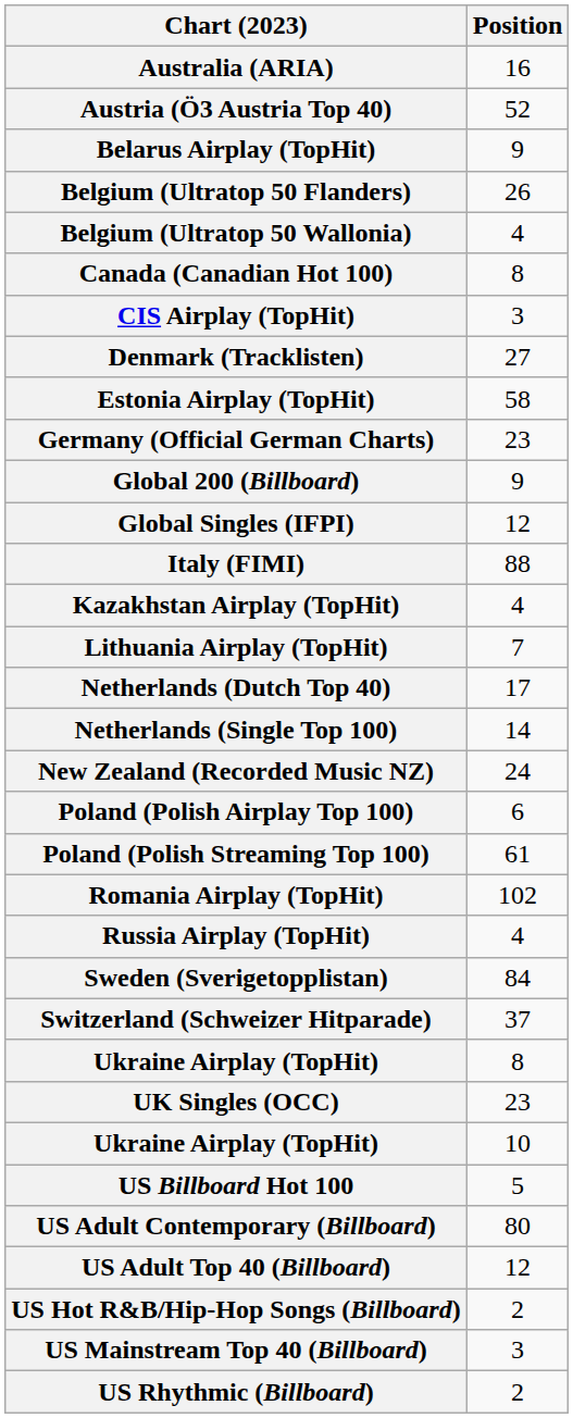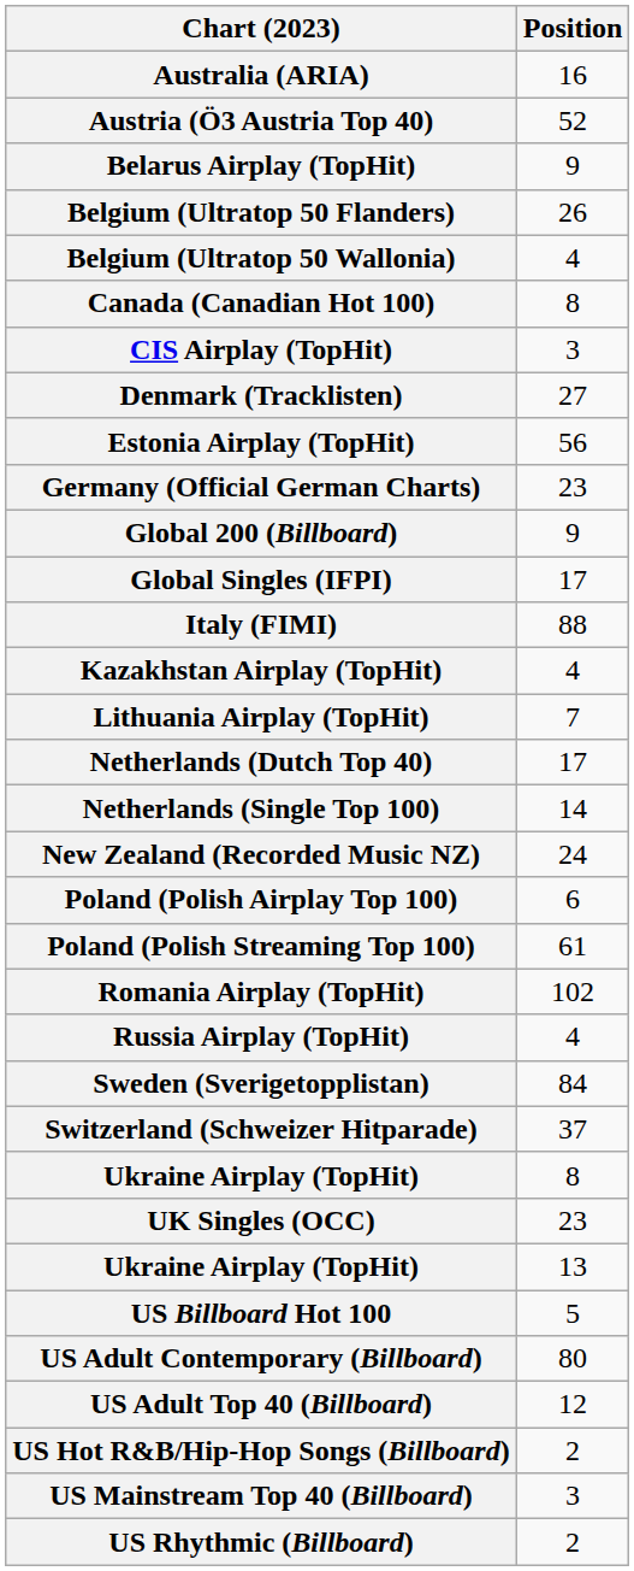 <table class="wikitable sortable plainrowheaders" style="text-align:center">
 <tr>
 <th scope="col">Chart (2023)</th>
 <th scope="col">Position</th>
 </tr>
 <tr>
 <th scope="row">Australia (ARIA)</th>
 <td>16</td>
 </tr>
 <tr>
 <th scope="row">Austria (Ö3 Austria Top 40)</th>
 <td>52</td>
 </tr>
 <tr>
 <th scope="row">Belarus Airplay (TopHit)</th>
 <td>9</td>
 </tr>
 <tr>
 <th scope="row">Belgium (Ultratop 50 Flanders)</th>
 <td>26</td>
 </tr>
 <tr>
 <th scope="row">Belgium (Ultratop 50 Wallonia)</th>
 <td>4</td>
 </tr>
 <tr>
 <th scope="row">Canada (Canadian Hot 100)</th>
 <td>8</td>
 </tr>
 <tr>
 <th scope="row"><a href='#'>CIS</a> Airplay (TopHit)</th>
 <td>3</td>
 </tr>
 <tr>
 <th scope="row">Denmark (Tracklisten)</th>
 <td>27</td>
 </tr>
 <tr>
 <th scope="row">Estonia Airplay (TopHit)</th>
-<td>58</td>
+<td>56</td>
 </tr>
 <tr>
 <th scope="row">Germany (Official German Charts)</th>
 <td>23</td>
 </tr>
 <tr>
 <th scope="row">Global 200 (<em>Billboard</em>)</th>
 <td>9</td>
 </tr>
 <tr>
 <th scope="row">Global Singles (IFPI)</th>
-<td>12</td>
+<td>17</td>
 </tr>
 <tr>
 <th scope="row">Italy (FIMI)</th>
 <td>88</td>
 </tr>
 <tr>
 <th scope="row">Kazakhstan Airplay (TopHit)</th>
 <td>4</td>
 </tr>
 <tr>
 <th scope="row">Lithuania Airplay (TopHit)</th>
 <td>7</td>
 </tr>
 <tr>
 <th scope="row">Netherlands (Dutch Top 40)</th>
 <td>17</td>
 </tr>
 <tr>
 <th scope="row">Netherlands (Single Top 100)</th>
 <td>14</td>
 </tr>
 <tr>
 <th scope="row">New Zealand (Recorded Music NZ)</th>
 <td>24</td>
 </tr>
 <tr>
 <th scope="row">Poland (Polish Airplay Top 100)</th>
 <td>6</td>
 </tr>
 <tr>
 <th scope="row">Poland (Polish Streaming Top 100)</th>
 <td>61</td>
 </tr>
 <tr>
 <th scope="row">Romania Airplay (TopHit)</th>
 <td>102</td>
 </tr>
 <tr>
 <th scope="row">Russia Airplay (TopHit)</th>
 <td>4</td>
 </tr>
 <tr>
 <th scope="row">Sweden (Sverigetopplistan)</th>
 <td>84</td>
 </tr>
 <tr>
 <th scope="row">Switzerland (Schweizer Hitparade)</th>
 <td>37</td>
 </tr>
 <tr>
 <th scope="row">Ukraine Airplay (TopHit)</th>
 <td>8</td>
 </tr>
 <tr>
 <th scope="row">UK Singles (OCC)</th>
 <td>23</td>
 </tr>
 <tr>
 <th scope="row">Ukraine Airplay (TopHit)</th>
-<td>10</td>
+<td>13</td>
 </tr>
 <tr>
 <th scope="row">US <em>Billboard</em> Hot 100</th>
 <td>5</td>
 </tr>
 <tr>
 <th scope="row">US Adult Contemporary (<em>Billboard</em>)</th>
 <td>80</td>
 </tr>
 <tr>
 <th scope="row">US Adult Top 40 (<em>Billboard</em>)</th>
 <td>12</td>
 </tr>
 <tr>
 <th scope="row">US Hot R&B/Hip-Hop Songs (<em>Billboard</em>)</th>
 <td>2</td>
 </tr>
 <tr>
 <th scope="row">US Mainstream Top 40 (<em>Billboard</em>)</th>
 <td>3</td>
 </tr>
 <tr>
 <th scope="row">US Rhythmic (<em>Billboard</em>)</th>
 <td>2</td>
 </tr>
 </table>
